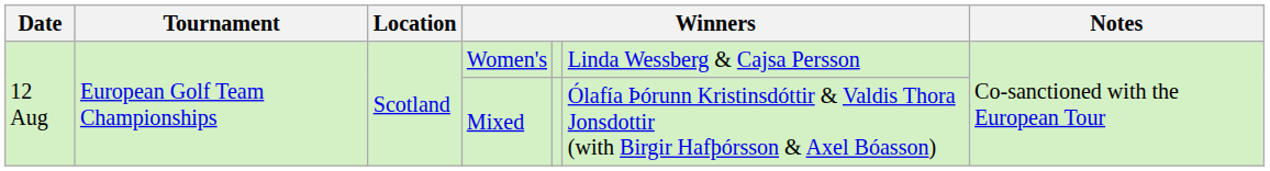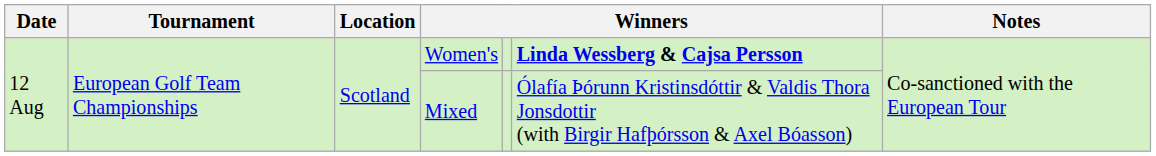 <table class="wikitable sortable" style="font-size:95%">
 <tr>
 <th>Date</th>
 <th>Tournament</th>
 <th>Location</th>
 <th colspan=3>Winners</th>
 <th>Notes</th>
 </tr>
 <tr style="background:#D4F1C5;">
 <td rowspan=2>12 Aug</td>
 <td rowspan=2><a href='#'>European Golf Team Championships</a></td>
 <td rowspan=2><a href='#'>Scotland</a></td>
 <td><a href='#'>Women's</a></td>
 <td></td>
-<td><a href='#'>Linda Wessberg</a> & <a href='#'>Cajsa Persson</a></td>
+<td><strong><a href='#'>Linda Wessberg</a> & <a href='#'>Cajsa Persson</a></strong></td>
 <td rowspan=2>Co-sanctioned with the <a href='#'>European Tour</a></td>
 </tr>
 <tr style="background:#D4F1C5;">
 <td><a href='#'>Mixed</a></td>
 <td></td>
 <td><a href='#'>Ólafía Þórunn Kristinsdóttir</a> & <a href='#'>Valdis Thora Jonsdottir</a><br>(with <a href='#'>Birgir Hafþórsson</a> & <a href='#'>Axel Bóasson</a>)</td>
 </tr>
 </table>
